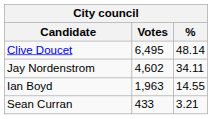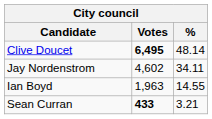 <table class="wikitable">
 <tr>
 <th colspan="3">City council</th>
 </tr>
 <tr>
 <th style="width: 170px">Candidate</th>
 <th style="width: 50px">Votes</th>
 <th style="width: 40px">%</th>
 </tr>
 <tr>
 <td><a href='#'>Clive Doucet</a></td>
-<td>6,495</td>
+<td><strong>6,495</strong></td>
 <td>48.14</td>
 </tr>
 <tr>
 <td>Jay Nordenstrom</td>
 <td>4,602</td>
 <td>34.11</td>
 </tr>
 <tr>
 <td>Ian Boyd</td>
 <td>1,963</td>
 <td>14.55</td>
 </tr>
 <tr>
 <td>Sean Curran</td>
-<td>433</td>
+<td><strong>433</strong></td>
 <td>3.21</td>
 </tr>
 </table>
